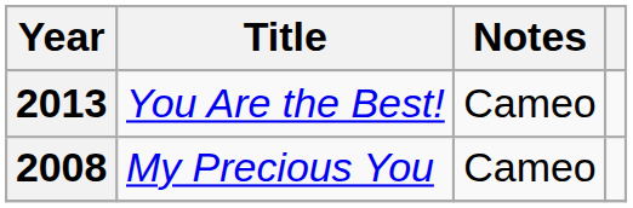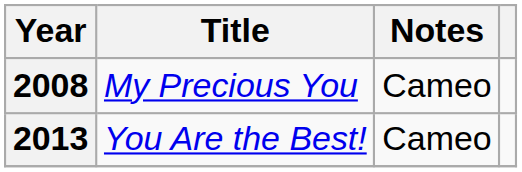 <table class="wikitable sortable plainrowheaders">
 <tr>
 <th scope="col">Year</th>
 <th scope="col">Title</th>
 <th scope="col" class="unsortable">Notes</th>
 <th scope="col" class="unsortable"></th>
 </tr>
 <tr>
+<th scope="row">2008</th>
+<td><em><a href='#'>My Precious You</a></em></td>
+<td>Cameo</td>
+<td style="text-align:center"></td>
+</tr>
+<tr>
 <th scope="row">2013</th>
 <td><em><a href='#'>You Are the Best!</a></em></td>
 <td>Cameo</td>
 <td style="text-align:center"></td>
 </tr>
 <tr>
-<th scope="row">2008</th>
-<td><em><a href='#'>My Precious You</a></em></td>
-<td>Cameo</td>
-<td style="text-align:center"></td>
-</tr>
-<tr>
 </tr>
 </table>
